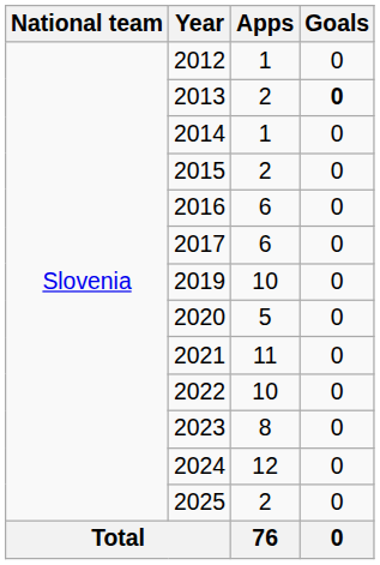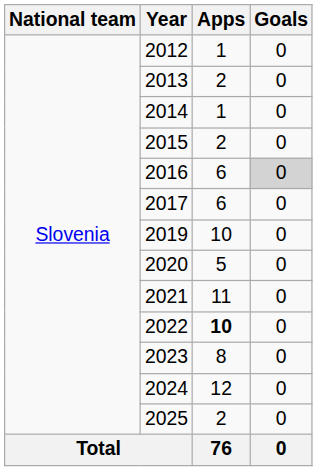 <table class="wikitable" style="text-align:center">
 <tr>
 <th>National team</th>
 <th>Year</th>
 <th>Apps</th>
 <th>Goals</th>
 </tr>
 <tr>
 <td rowspan="13"><a href='#'>Slovenia</a></td>
 <td>2012</td>
 <td>1</td>
 <td>0</td>
 </tr>
 <tr>
 <td>2013</td>
 <td>2</td>
-<td><strong>0</strong></td>
+<td>0</td>
 </tr>
 <tr>
 <td>2014</td>
 <td>1</td>
 <td>0</td>
 </tr>
 <tr>
 <td>2015</td>
 <td>2</td>
 <td>0</td>
 </tr>
 <tr>
 <td>2016</td>
 <td>6</td>
-<td>0</td>
+<td style="background: lightgrey;">0</td>
 </tr>
 <tr>
 <td>2017</td>
 <td>6</td>
 <td>0</td>
 </tr>
 <tr>
 <td>2019</td>
 <td>10</td>
 <td>0</td>
 </tr>
 <tr>
 <td>2020</td>
 <td>5</td>
 <td>0</td>
 </tr>
 <tr>
 <td>2021</td>
 <td>11</td>
 <td>0</td>
 </tr>
 <tr>
 <td>2022</td>
-<td>10</td>
+<td><strong>10</strong></td>
 <td>0</td>
 </tr>
 <tr>
 <td>2023</td>
 <td>8</td>
 <td>0</td>
 </tr>
 <tr>
 <td>2024</td>
 <td>12</td>
 <td>0</td>
 </tr>
 <tr>
 <td>2025</td>
 <td>2</td>
 <td>0</td>
 </tr>
 <tr>
 <th colspan="2">Total</th>
 <th>76</th>
 <th>0</th>
 </tr>
 </table>
